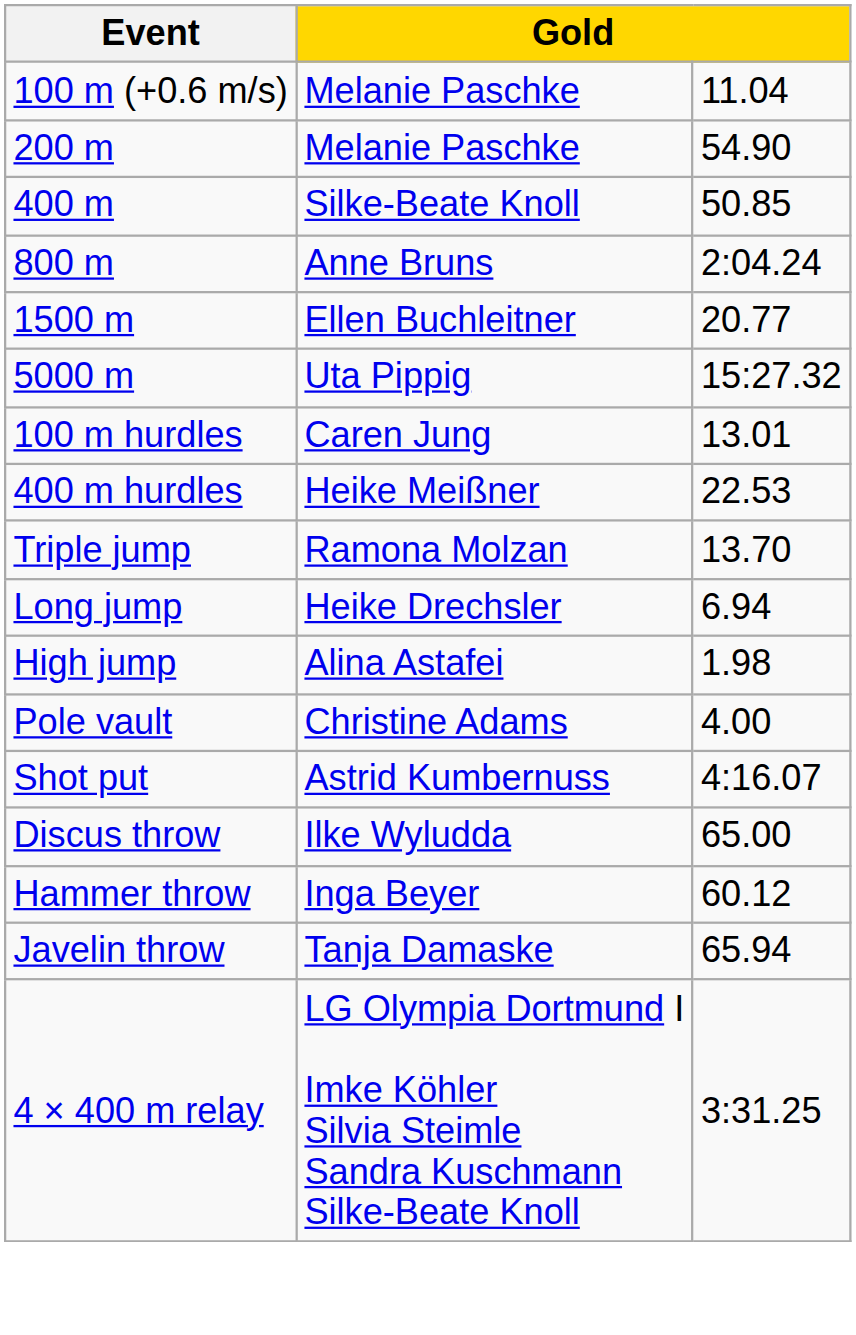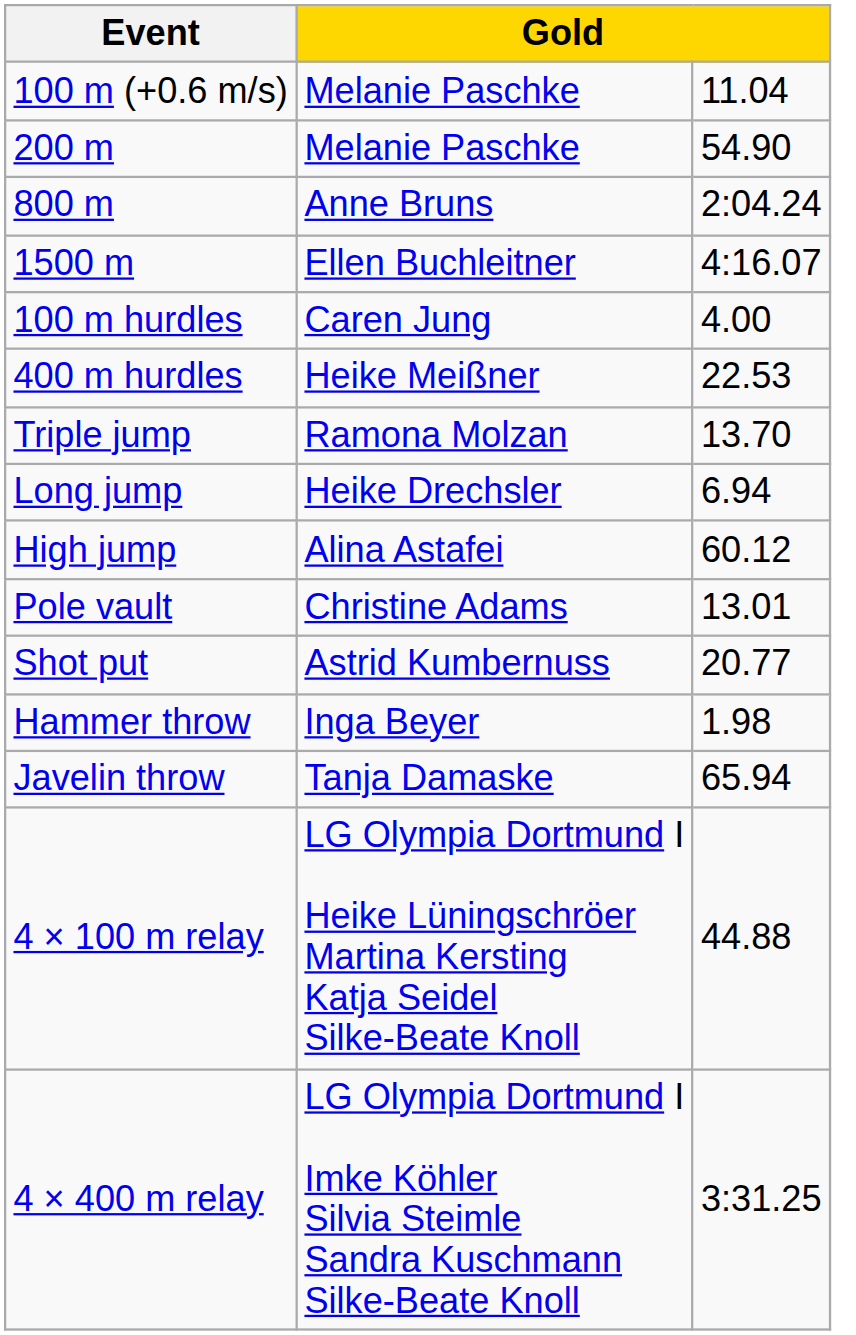 <table class="wikitable">
 <tr>
 <th>Event</th>
 <th style="background:gold;" colspan=2>Gold</th>
 </tr>
 <tr>
 <td><a href='#'>100 m</a> (+0.6 m/s)</td>
 <td><a href='#'>Melanie Paschke</a></td>
 <td>11.04 </td>
 </tr>
 <tr>
 <td><a href='#'>200 m</a></td>
 <td><a href='#'>Melanie Paschke</a></td>
 <td>54.90</td>
 </tr>
 <tr>
-<td><a href='#'>400 m</a></td>
-<td><a href='#'>Silke-Beate Knoll</a></td>
-<td>50.85 </td>
-</tr>
-<tr>
 <td><a href='#'>800 m</a></td>
 <td><a href='#'>Anne Bruns</a></td>
 <td>2:04.24</td>
 </tr>
 <tr>
 <td><a href='#'>1500 m</a></td>
 <td><a href='#'>Ellen Buchleitner</a></td>
-<td>20.77</td>
-</tr>
-<tr>
-<td><a href='#'>5000 m</a></td>
-<td><a href='#'>Uta Pippig</a></td>
-<td>15:27.32</td>
+<td>4:16.07</td>
 </tr>
 <tr>
 <td><a href='#'>100 m hurdles</a></td>
 <td><a href='#'>Caren Jung</a></td>
-<td>13.01 </td>
+<td>4.00 </td>
 </tr>
 <tr>
 <td><a href='#'>400 m hurdles</a></td>
 <td><a href='#'>Heike Meißner</a></td>
 <td>22.53 </td>
 </tr>
 <tr>
 <td><a href='#'>Triple jump</a></td>
 <td><a href='#'>Ramona Molzan</a></td>
 <td>13.70</td>
 </tr>
 <tr>
 <td><a href='#'>Long jump</a></td>
 <td><a href='#'>Heike Drechsler</a></td>
 <td>6.94</td>
 </tr>
 <tr>
 <td><a href='#'>High jump</a></td>
 <td><a href='#'>Alina Astafei</a></td>
-<td>1.98</td>
+<td>60.12 </td>
 </tr>
 <tr>
 <td><a href='#'>Pole vault</a></td>
 <td><a href='#'>Christine Adams</a></td>
-<td>4.00 </td>
+<td>13.01 </td>
 </tr>
 <tr>
 <td><a href='#'>Shot put</a></td>
 <td><a href='#'>Astrid Kumbernuss</a></td>
-<td>4:16.07</td>
-</tr>
-<tr>
-<td><a href='#'>Discus throw</a></td>
-<td><a href='#'>Ilke Wyludda</a></td>
-<td>65.00</td>
+<td>20.77</td>
 </tr>
 <tr>
 <td><a href='#'>Hammer throw</a></td>
 <td><a href='#'>Inga Beyer</a></td>
-<td>60.12 </td>
+<td>1.98</td>
 </tr>
 <tr>
 <td><a href='#'>Javelin throw</a></td>
 <td><a href='#'>Tanja Damaske</a></td>
 <td>65.94</td>
 </tr>
 <tr>
+<td><a href='#'>4 × 100 m relay</a></td>
+<td><a href='#'>LG Olympia Dortmund</a> I <br><br><a href='#'>Heike Lüningschröer</a> <br> <a href='#'>Martina Kersting</a> <br> <a href='#'>Katja Seidel</a> <br> <a href='#'>Silke-Beate Knoll</a></td>
+<td>44.88</td>
+</tr>
+<tr>
 <td><a href='#'>4 × 400 m relay</a></td>
 <td><a href='#'>LG Olympia Dortmund</a> I <br><br><a href='#'>Imke Köhler</a> <br> <a href='#'>Silvia Steimle</a> <br> <a href='#'>Sandra Kuschmann</a> <br> <a href='#'>Silke-Beate Knoll</a></td>
 <td>3:31.25</td>
 </tr>
 </table>
